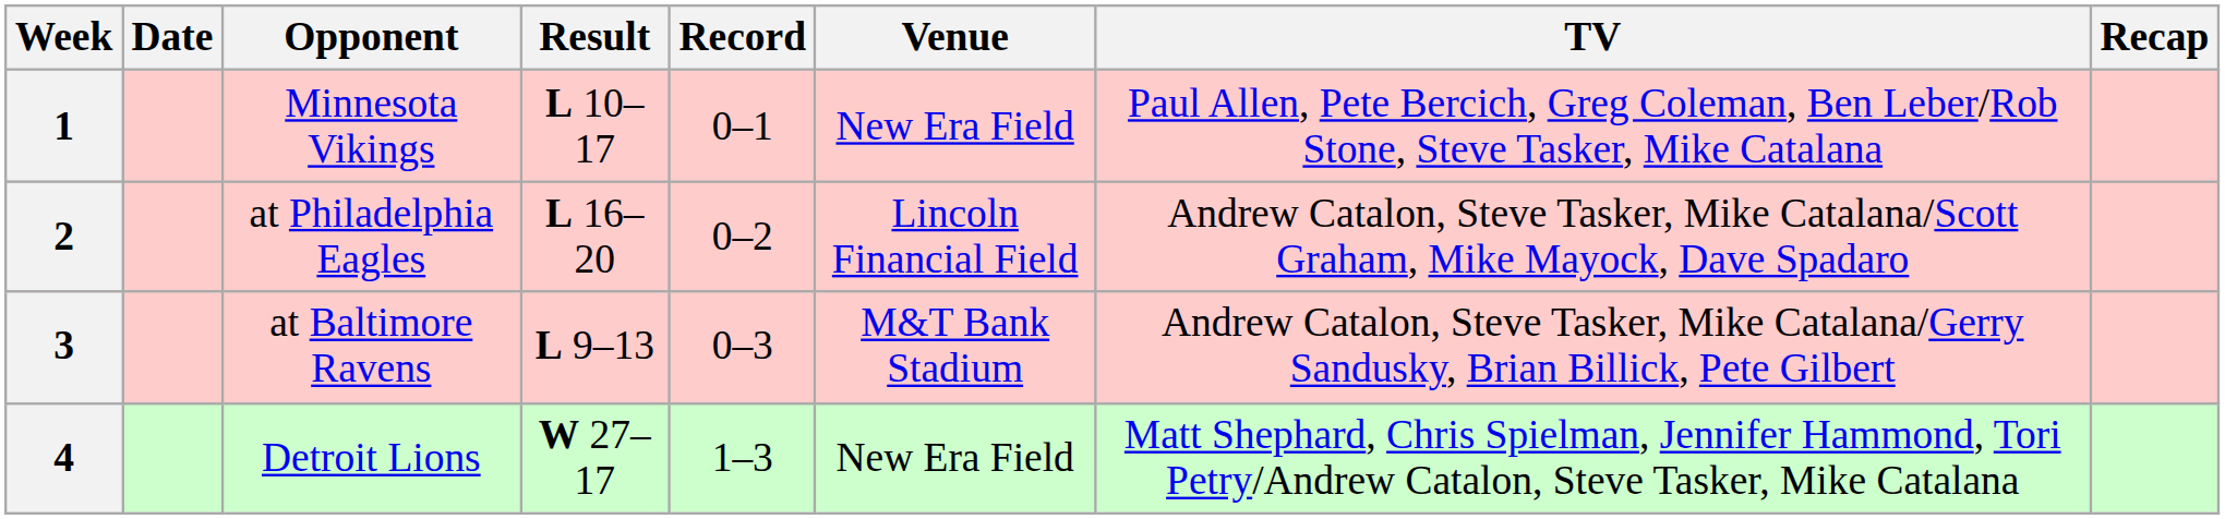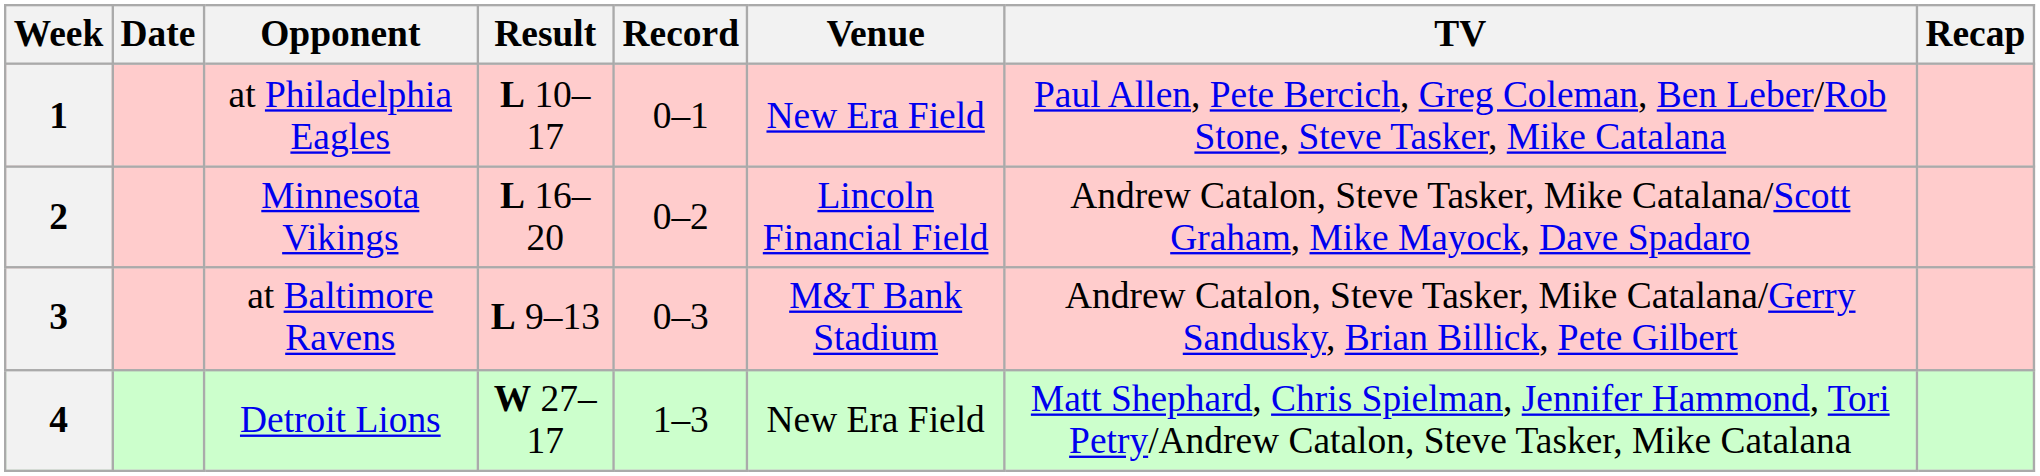 <table class="wikitable" style="text-align:center">
 <tr>
 <th>Week</th>
 <th>Date</th>
 <th>Opponent</th>
 <th>Result</th>
 <th>Record</th>
 <th>Venue</th>
 <th>TV</th>
 <th>Recap</th>
 </tr>
 <tr style="background:#fcc">
 <th>1</th>
 <td></td>
-<td><a href='#'>Minnesota Vikings</a></td>
+<td>at <a href='#'>Philadelphia Eagles</a></td>
 <td><strong>L</strong> 10–17</td>
 <td>0–1</td>
 <td><a href='#'>New Era Field</a></td>
 <td><a href='#'>Paul Allen</a>, <a href='#'>Pete Bercich</a>, <a href='#'>Greg Coleman</a>, <a href='#'>Ben Leber</a>/<a href='#'>Rob Stone</a>, <a href='#'>Steve Tasker</a>, <a href='#'>Mike Catalana</a></td>
 <td></td>
 </tr>
 <tr style="background:#fcc">
 <th>2</th>
 <td></td>
-<td>at <a href='#'>Philadelphia Eagles</a></td>
+<td><a href='#'>Minnesota Vikings</a></td>
 <td><strong>L</strong> 16–20</td>
 <td>0–2</td>
 <td><a href='#'>Lincoln Financial Field</a></td>
 <td>Andrew Catalon, Steve Tasker, Mike Catalana/<a href='#'>Scott Graham</a>, <a href='#'>Mike Mayock</a>, <a href='#'>Dave Spadaro</a></td>
 <td></td>
 </tr>
 <tr style="background:#fcc">
 <th>3</th>
 <td></td>
 <td>at <a href='#'>Baltimore Ravens</a></td>
 <td><strong>L</strong> 9–13</td>
 <td>0–3</td>
 <td><a href='#'>M&T Bank Stadium</a></td>
 <td>Andrew Catalon, Steve Tasker, Mike Catalana/<a href='#'>Gerry Sandusky</a>, <a href='#'>Brian Billick</a>, <a href='#'>Pete Gilbert</a></td>
 <td></td>
 </tr>
 <tr style="background:#cfc">
 <th>4</th>
 <td></td>
 <td><a href='#'>Detroit Lions</a></td>
 <td><strong>W</strong> 27–17</td>
 <td>1–3</td>
 <td>New Era Field</td>
 <td><a href='#'>Matt Shephard</a>, <a href='#'>Chris Spielman</a>, <a href='#'>Jennifer Hammond</a>, <a href='#'>Tori Petry</a>/Andrew Catalon, Steve Tasker, Mike Catalana</td>
 <td></td>
 </tr>
 </table>
